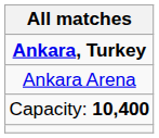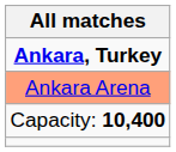 <table class="wikitable" style="text-align:center">
 <tr>
 <th>All matches</th>
 </tr>
 <tr>
 <td><strong><a href='#'>Ankara</a>, Turkey</strong></td>
 </tr>
 <tr>
-<td><a href='#'>Ankara Arena</a></td>
+<td style="background: lightsalmon;"><a href='#'>Ankara Arena</a></td>
 </tr>
 <tr>
 <td>Capacity: <strong>10,400</strong></td>
 </tr>
 <tr>
 <td></td>
 </tr>
 </table>
